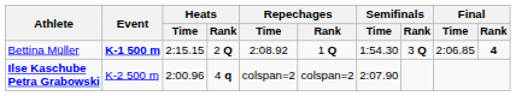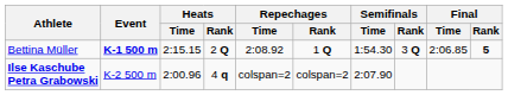 <table class="wikitable" style="font-size:90%">
 <tr>
 <th rowspan=2>Athlete</th>
 <th rowspan=2>Event</th>
 <th colspan=2>Heats</th>
 <th colspan=2>Repechages</th>
 <th colspan=2>Semifinals</th>
 <th colspan=2>Final</th>
 </tr>
 <tr style="font-size:95%">
 <th>Time</th>
 <th>Rank</th>
 <th>Time</th>
 <th>Rank</th>
 <th>Time</th>
 <th>Rank</th>
 <th>Time</th>
 <th>Rank</th>
 </tr>
 <tr align=center>
 <td align=left><a href='#'>Bettina Müller</a></td>
 <td align=left><strong><a href='#'>K-1 500 m</a></strong></td>
 <td>2:15.15</td>
 <td>2 <strong>Q</strong></td>
 <td>2:08.92</td>
 <td>1 <strong>Q</strong></td>
 <td>1:54.30</td>
 <td>3 <strong>Q</strong></td>
 <td>2:06.85</td>
-<td><strong>4</strong></td>
+<td><strong>5</strong></td>
 </tr>
 <tr align=center>
 <td align=left><strong><a href='#'>Ilse Kaschube</a><br><a href='#'>Petra Grabowski</a></strong></td>
 <td align=left><a href='#'>K-2 500 m</a></td>
 <td>2:00.96</td>
 <td>4 <strong>q</strong></td>
 <td>colspan=2 </td>
 <td>colspan=2 </td>
 <td>2:07.90</td>
 <td></td>
 </tr>
 </table>
